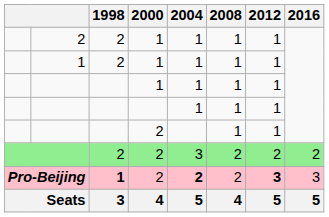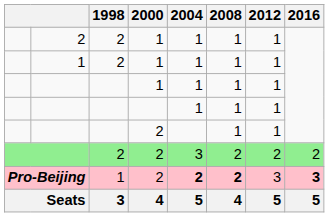 <table class="wikitable" style="text-align: right;">
 <tr bgcolor="#CCCCCC">
 <th colspan=2></th>
 <th>1998</th>
 <th>2000</th>
 <th>2004</th>
 <th>2008</th>
 <th>2012</th>
 <th>2016</th>
 </tr>
 <tr>
 <td></td>
 <td>2</td>
 <td>2</td>
 <td>1</td>
 <td>1</td>
 <td>1</td>
 <td>1</td>
 </tr>
 <tr>
 <td></td>
 <td>1</td>
 <td>2</td>
 <td>1</td>
 <td>1</td>
 <td>1</td>
 <td>1</td>
 </tr>
 <tr>
 <td></td>
 <td></td>
 <td></td>
 <td>1</td>
 <td>1</td>
 <td>1</td>
 <td>1</td>
 </tr>
 <tr>
 <td></td>
 <td></td>
 <td></td>
 <td></td>
 <td>1</td>
 <td>1</td>
 <td>1</td>
 </tr>
 <tr>
 <td></td>
 <td></td>
 <td></td>
 <td>2</td>
 <td></td>
 <td>1</td>
 <td>1</td>
 </tr>
 <tr bgcolor=lightgreen>
 <td colspan=2></td>
 <td>2</td>
 <td>2</td>
 <td>3</td>
 <td>2</td>
 <td>2</td>
 <td>2</td>
 </tr>
 <tr bgcolor=pink>
 <td colspan=2><strong><em>Pro-Beijing</em></strong></td>
-<td><strong>1</strong></td>
+<td>1</td>
 <td>2</td>
 <td><strong>2</strong></td>
-<td>2</td>
+<td><strong>2</strong></td>
+<td>3</td>
 <td><strong>3</strong></td>
-<td>3</td>
 </tr>
 <tr class="sortbottom" bgcolor="#F2F2F2">
 <td colspan=2><strong>Seats</strong></td>
 <td><strong>3</strong></td>
 <td><strong>4</strong></td>
 <td><strong>5</strong></td>
 <td><strong>4</strong></td>
 <td><strong>5</strong></td>
 <td><strong>5</strong></td>
 </tr>
 </table>
